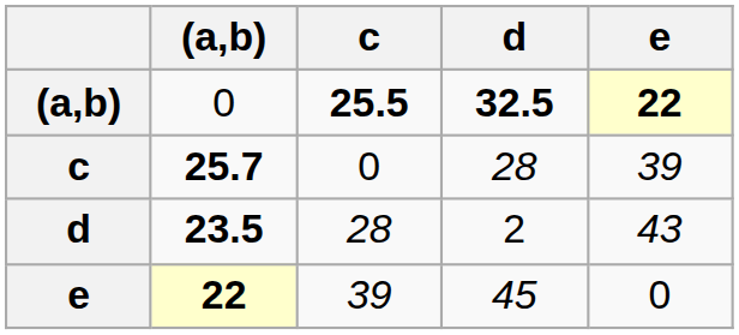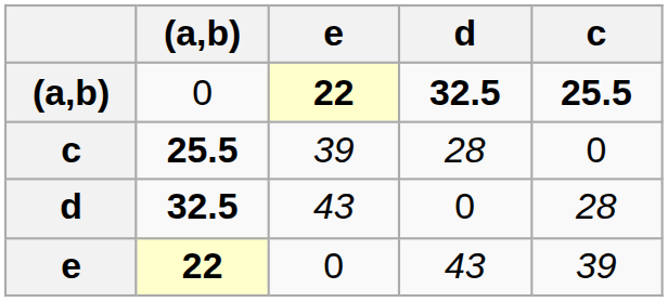 <table class="wikitable" style="text-align: center">
 <tr>
 <th style="width: 50px;"></th>
 <th style="width: 50px;">(a,b)</th>
+<th style="width: 50px;">e</th>
+<th style="width: 50px;">d</th>
 <th style="width: 50px;">c</th>
-<th style="width: 50px;">d</th>
-<th style="width: 50px;">e</th>
 </tr>
 <tr>
 <th>(a,b)</th>
 <td>0</td>
+<td style=background:#ffffcc;><strong>22</strong></td>
+<td><strong>32.5</strong></td>
 <td><strong>25.5</strong></td>
-<td><strong>32.5</strong></td>
-<td style=background:#ffffcc;><strong>22</strong></td>
 </tr>
 <tr>
 <th>c</th>
-<td><strong>25.7</strong></td>
+<td><strong>25.5</strong></td>
+<td><em>39</em></td>
+<td><em>28</em></td>
 <td>0</td>
-<td><em>28</em></td>
-<td><em>39</em></td>
 </tr>
 <tr>
 <th>d</th>
-<td><strong>23.5</strong></td>
+<td><strong>32.5</strong></td>
+<td><em>43</em></td>
+<td>0</td>
 <td><em>28</em></td>
-<td>2</td>
-<td><em>43</em></td>
 </tr>
 <tr>
 <th>e</th>
 <td style=background:#ffffcc;><strong>22</strong></td>
+<td>0</td>
+<td><em>43</em></td>
 <td><em>39</em></td>
-<td><em>45</em></td>
-<td>0</td>
 </tr>
 </table>
